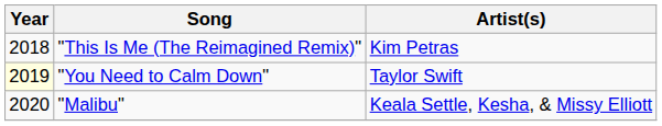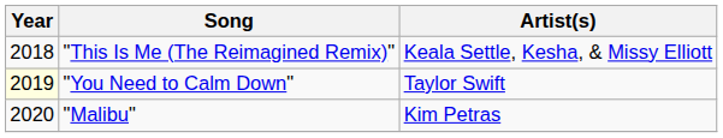 <table class="wikitable sortable">
 <tr>
 <th>Year</th>
 <th>Song</th>
 <th>Artist(s)</th>
 </tr>
 <tr>
 <td>2018</td>
 <td>"<a href='#'>This Is Me (The Reimagined Remix)</a>"</td>
-<td><a href='#'>Kim Petras</a></td>
+<td><a href='#'>Keala Settle</a>, <a href='#'>Kesha</a>, & <a href='#'>Missy Elliott</a></td>
 </tr>
 <tr>
 <td style="background: lightyellow;">2019</td>
 <td>"<a href='#'>You Need to Calm Down</a>"</td>
 <td><a href='#'>Taylor Swift</a></td>
 </tr>
 <tr>
 <td>2020</td>
 <td>"<a href='#'>Malibu</a>" </td>
-<td><a href='#'>Keala Settle</a>, <a href='#'>Kesha</a>, & <a href='#'>Missy Elliott</a></td>
+<td><a href='#'>Kim Petras</a></td>
 </tr>
 <tr>
 </tr>
 </table>
